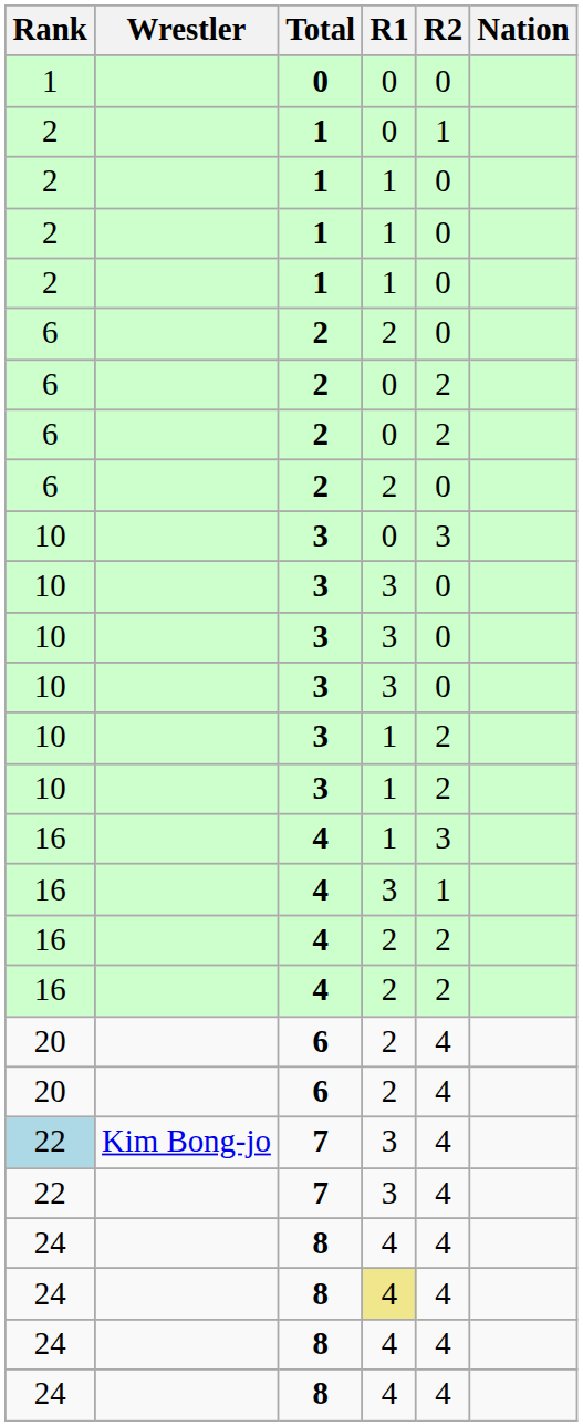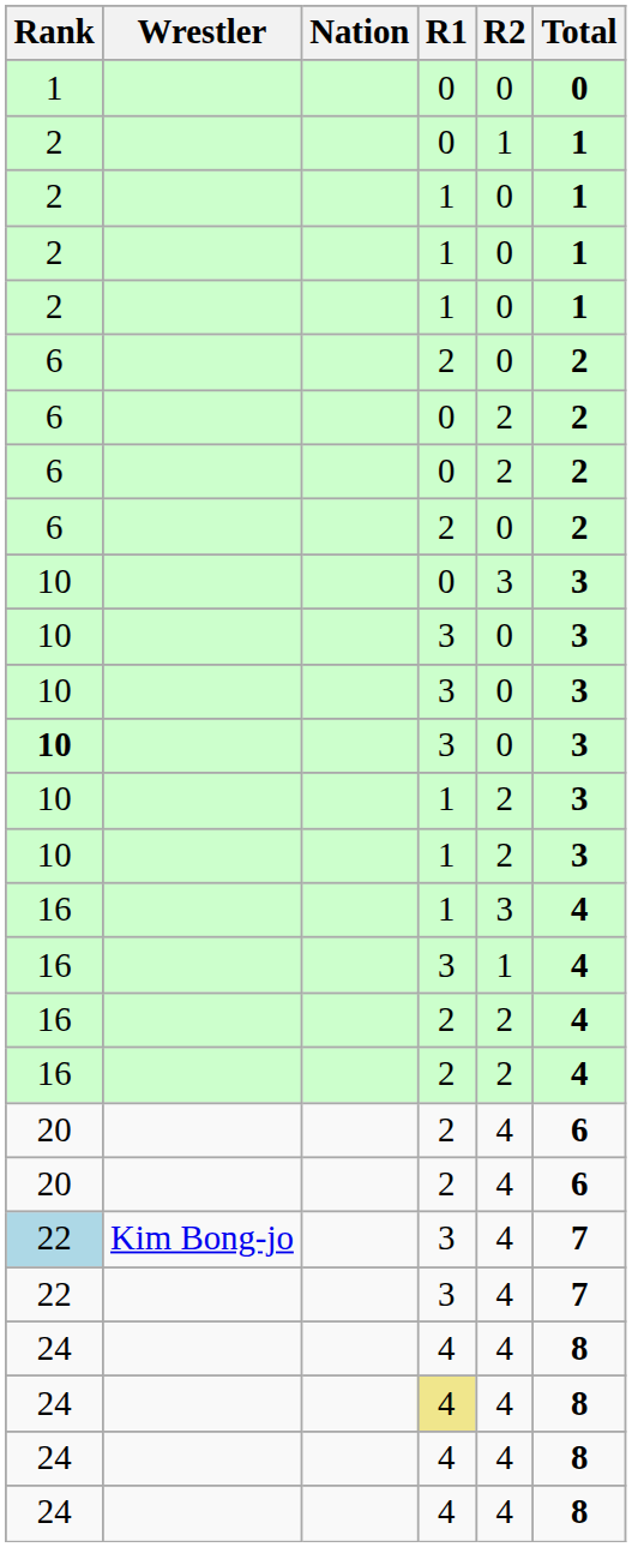 <table class="wikitable sortable" style="text-align:center;">
 <tr>
 <th>Rank</th>
 <th>Wrestler</th>
-<th>Total</th>
+<th>Nation</th>
 <th>R1</th>
 <th>R2</th>
-<th>Nation</th>
+<th>Total</th>
 </tr>
 <tr style="background:#cfc;">
 <td>1</td>
 <td align=left></td>
-<td><strong>0</strong></td>
+<td align=left></td>
 <td>0</td>
 <td>0</td>
-<td align=left></td>
+<td><strong>0</strong></td>
 </tr>
 <tr style="background:#cfc;">
 <td>2</td>
 <td align=left></td>
-<td><strong>1</strong></td>
+<td align=left></td>
 <td>0</td>
 <td>1</td>
-<td align=left></td>
+<td><strong>1</strong></td>
 </tr>
 <tr style="background:#cfc;">
 <td>2</td>
 <td align=left></td>
-<td><strong>1</strong></td>
+<td align=left></td>
 <td>1</td>
 <td>0</td>
-<td align=left></td>
+<td><strong>1</strong></td>
 </tr>
 <tr style="background:#cfc;">
 <td>2</td>
 <td align=left></td>
-<td><strong>1</strong></td>
+<td align=left></td>
 <td>1</td>
 <td>0</td>
-<td align=left></td>
+<td><strong>1</strong></td>
 </tr>
 <tr style="background:#cfc;">
 <td>2</td>
 <td align=left></td>
-<td><strong>1</strong></td>
+<td align=left></td>
 <td>1</td>
 <td>0</td>
-<td align=left></td>
+<td><strong>1</strong></td>
 </tr>
 <tr style="background:#cfc;">
 <td>6</td>
 <td align=left></td>
-<td><strong>2</strong></td>
+<td align=left></td>
 <td>2</td>
 <td>0</td>
-<td align=left></td>
+<td><strong>2</strong></td>
 </tr>
 <tr style="background:#cfc;">
 <td>6</td>
 <td align=left></td>
-<td><strong>2</strong></td>
+<td align=left></td>
 <td>0</td>
 <td>2</td>
-<td align=left></td>
+<td><strong>2</strong></td>
 </tr>
 <tr style="background:#cfc;">
 <td>6</td>
 <td align=left></td>
-<td><strong>2</strong></td>
+<td align=left></td>
 <td>0</td>
 <td>2</td>
-<td align=left></td>
+<td><strong>2</strong></td>
 </tr>
 <tr style="background:#cfc;">
 <td>6</td>
 <td align=left></td>
-<td><strong>2</strong></td>
+<td align=left></td>
 <td>2</td>
 <td>0</td>
-<td align=left></td>
+<td><strong>2</strong></td>
 </tr>
 <tr style="background:#cfc;">
 <td>10</td>
 <td align=left></td>
-<td><strong>3</strong></td>
+<td align=left></td>
 <td>0</td>
 <td>3</td>
-<td align=left></td>
+<td><strong>3</strong></td>
 </tr>
 <tr style="background:#cfc;">
 <td>10</td>
 <td align=left></td>
-<td><strong>3</strong></td>
+<td align=left></td>
 <td>3</td>
 <td>0</td>
-<td align=left></td>
+<td><strong>3</strong></td>
 </tr>
 <tr style="background:#cfc;">
 <td>10</td>
 <td align=left></td>
-<td><strong>3</strong></td>
+<td align=left></td>
 <td>3</td>
 <td>0</td>
+<td><strong>3</strong></td>
+</tr>
+<tr style="background:#cfc;">
+<td><strong>10</strong></td>
 <td align=left></td>
+<td align=left></td>
+<td>3</td>
+<td>0</td>
+<td><strong>3</strong></td>
 </tr>
 <tr style="background:#cfc;">
 <td>10</td>
 <td align=left></td>
+<td align=left></td>
+<td>1</td>
+<td>2</td>
 <td><strong>3</strong></td>
-<td>3</td>
-<td>0</td>
-<td align=left></td>
 </tr>
 <tr style="background:#cfc;">
 <td>10</td>
 <td align=left></td>
-<td><strong>3</strong></td>
+<td align=left></td>
 <td>1</td>
 <td>2</td>
-<td align=left></td>
-</tr>
-<tr style="background:#cfc;">
-<td>10</td>
-<td align=left></td>
 <td><strong>3</strong></td>
-<td>1</td>
-<td>2</td>
-<td align=left></td>
 </tr>
 <tr style="background:#cfc;">
 <td>16</td>
 <td align=left></td>
-<td><strong>4</strong></td>
+<td align=left></td>
 <td>1</td>
 <td>3</td>
-<td align=left></td>
+<td><strong>4</strong></td>
 </tr>
 <tr style="background:#cfc;">
 <td>16</td>
 <td align=left></td>
-<td><strong>4</strong></td>
+<td align=left></td>
 <td>3</td>
 <td>1</td>
-<td align=left></td>
+<td><strong>4</strong></td>
 </tr>
 <tr style="background:#cfc;">
 <td>16</td>
 <td align=left></td>
-<td><strong>4</strong></td>
+<td align=left></td>
 <td>2</td>
 <td>2</td>
-<td align=left></td>
+<td><strong>4</strong></td>
 </tr>
 <tr style="background:#cfc;">
 <td>16</td>
 <td align=left></td>
-<td><strong>4</strong></td>
+<td align=left></td>
 <td>2</td>
 <td>2</td>
-<td align=left></td>
+<td><strong>4</strong></td>
 </tr>
 <tr>
 <td>20</td>
 <td align=left></td>
-<td><strong>6</strong></td>
+<td align=left></td>
 <td>2</td>
 <td>4</td>
-<td align=left></td>
+<td><strong>6</strong></td>
 </tr>
 <tr>
 <td>20</td>
 <td align=left></td>
-<td><strong>6</strong></td>
+<td align=left></td>
 <td>2</td>
 <td>4</td>
-<td align=left></td>
+<td><strong>6</strong></td>
 </tr>
 <tr>
 <td style="background: lightblue;">22</td>
 <td align=left><a href='#'>Kim Bong-jo</a></td>
-<td><strong>7</strong></td>
+<td align=left></td>
 <td>3</td>
 <td>4</td>
-<td align=left></td>
+<td><strong>7</strong></td>
 </tr>
 <tr>
 <td>22</td>
 <td align=left></td>
-<td><strong>7</strong></td>
+<td align=left></td>
 <td>3</td>
 <td>4</td>
-<td align=left></td>
+<td><strong>7</strong></td>
 </tr>
 <tr>
 <td>24</td>
 <td align=left></td>
-<td><strong>8</strong></td>
+<td align=left></td>
 <td>4</td>
 <td>4</td>
-<td align=left></td>
+<td><strong>8</strong></td>
 </tr>
 <tr>
 <td>24</td>
 <td align=left></td>
-<td><strong>8</strong></td>
+<td align=left></td>
 <td style="background: khaki;">4</td>
 <td>4</td>
-<td align=left></td>
+<td><strong>8</strong></td>
 </tr>
 <tr>
 <td>24</td>
 <td align=left></td>
-<td><strong>8</strong></td>
+<td align=left></td>
 <td>4</td>
 <td>4</td>
-<td align=left></td>
+<td><strong>8</strong></td>
 </tr>
 <tr>
 <td>24</td>
 <td align=left></td>
-<td><strong>8</strong></td>
+<td align=left></td>
 <td>4</td>
 <td>4</td>
-<td align=left></td>
+<td><strong>8</strong></td>
 </tr>
 </table>
